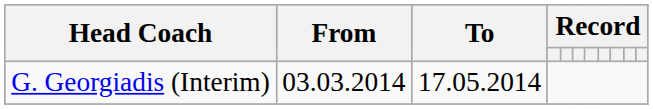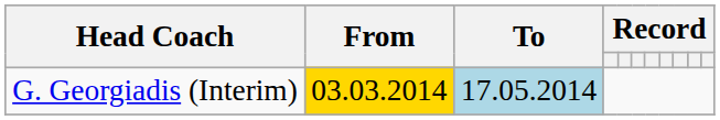 <table class="wikitable" style="text-align: center">
 <tr>
 <th rowspan=2>Head Coach</th>
 <th rowspan=2>From</th>
 <th rowspan=2>To</th>
 <th colspan=8>Record</th>
 </tr>
 <tr>
 <th></th>
 <th></th>
 <th></th>
 <th></th>
 <th></th>
 <th></th>
 <th></th>
 <th></th>
 </tr>
 <tr>
 <td> <a href='#'>G. Georgiadis</a> (Interim)</td>
-<td>03.03.2014</td>
-<td>17.05.2014<br></td>
+<td style="background: gold;">03.03.2014</td>
+<td style="background: lightblue;">17.05.2014<br></td>
 </tr>
 </table>
